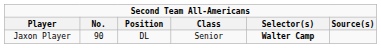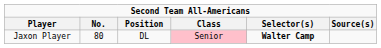 <table class="wikitable" style="text-align:center">
 <tr>
 <td colspan="6"><strong>Second Team All-Americans</strong></td>
 </tr>
 <tr>
 <th style="width:150px; ">Player</th>
 <th style="width:70px; ">No.</th>
 <th style="width:90px; ">Position</th>
 <th style="width:150px; ">Class</th>
 <th style="width:150px; ">Selector(s)</th>
 <th style="width:10px; ">Source(s)</th>
 </tr>
 <tr>
 <td>Jaxon Player</td>
-<td>90</td>
+<td>80</td>
 <td>DL</td>
-<td>Senior</td>
+<td style="background: pink;">Senior</td>
 <td><strong>Walter Camp</strong></td>
 <td></td>
 </tr>
 </table>
